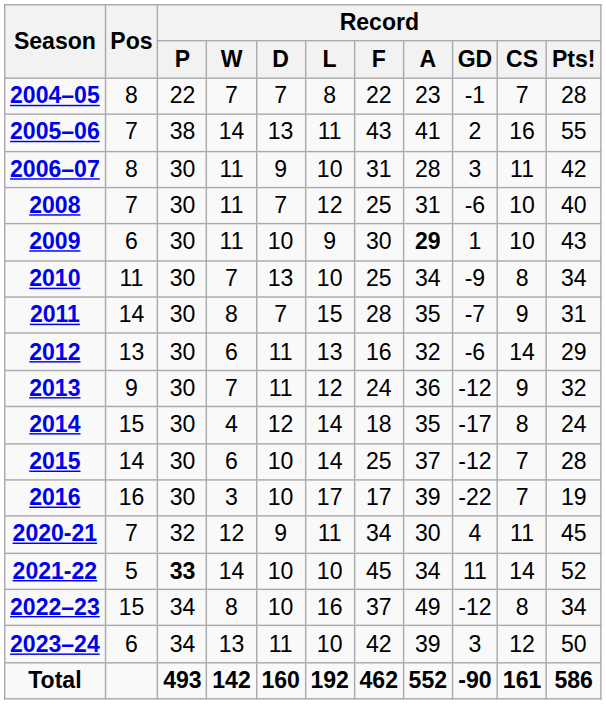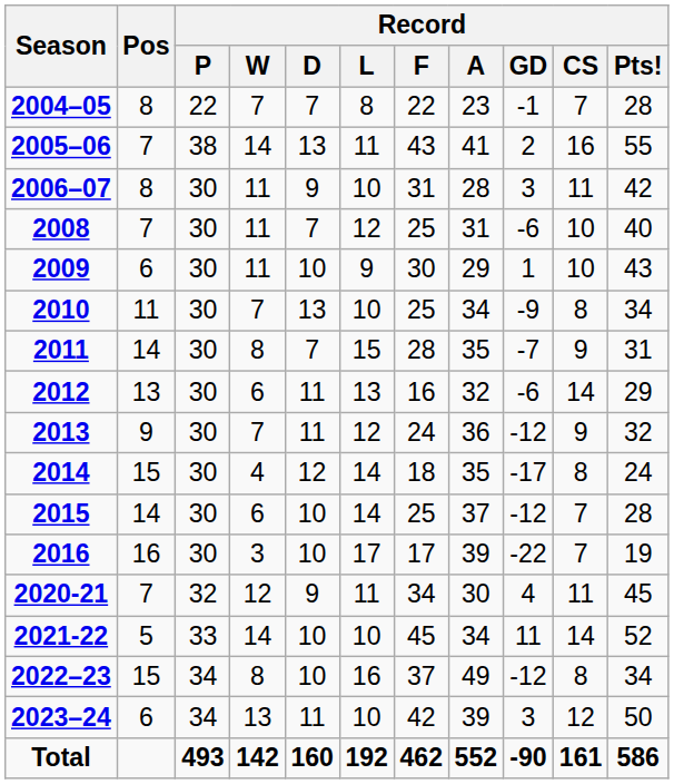 <table Class="wikitable" style="text-align: center;">
 <tr>
 <th rowspan="2">Season</th>
 <th rowspan="2">Pos</th>
 <th colspan="9">Record</th>
 </tr>
 <tr>
 <th>P</th>
 <th>W</th>
 <th>D</th>
 <th>L</th>
 <th>F</th>
 <th>A</th>
 <th>GD</th>
 <th>CS</th>
 <th>Pts!</th>
 </tr>
 <tr>
 <td><strong><a href='#'>2004–05</a></strong></td>
 <td>8</td>
 <td>22</td>
 <td>7</td>
 <td>7</td>
 <td>8</td>
 <td>22</td>
 <td>23</td>
 <td>-1</td>
 <td>7</td>
 <td>28</td>
 </tr>
 <tr>
 <td><strong><a href='#'>2005–06</a></strong></td>
 <td>7</td>
 <td>38</td>
 <td>14</td>
 <td>13</td>
 <td>11</td>
 <td>43</td>
 <td>41</td>
 <td>2</td>
 <td>16</td>
 <td>55</td>
 </tr>
 <tr>
 <td><strong><a href='#'>2006–07</a></strong></td>
 <td>8</td>
 <td>30</td>
 <td>11</td>
 <td>9</td>
 <td>10</td>
 <td>31</td>
 <td>28</td>
 <td>3</td>
 <td>11</td>
 <td>42</td>
 </tr>
 <tr>
 <td><strong><a href='#'>2008</a></strong></td>
 <td>7</td>
 <td>30</td>
 <td>11</td>
 <td>7</td>
 <td>12</td>
 <td>25</td>
 <td>31</td>
 <td>-6</td>
 <td>10</td>
 <td>40</td>
 </tr>
 <tr>
 <td><strong><a href='#'>2009</a></strong></td>
 <td>6</td>
 <td>30</td>
 <td>11</td>
 <td>10</td>
 <td>9</td>
 <td>30</td>
-<td><strong>29</strong></td>
+<td>29</td>
 <td>1</td>
 <td>10</td>
 <td>43</td>
 </tr>
 <tr>
 <td><strong><a href='#'>2010</a></strong></td>
 <td>11</td>
 <td>30</td>
 <td>7</td>
 <td>13</td>
 <td>10</td>
 <td>25</td>
 <td>34</td>
 <td>-9</td>
 <td>8</td>
 <td>34</td>
 </tr>
 <tr>
 <td><strong><a href='#'>2011</a></strong></td>
 <td>14</td>
 <td>30</td>
 <td>8</td>
 <td>7</td>
 <td>15</td>
 <td>28</td>
 <td>35</td>
 <td>-7</td>
 <td>9</td>
 <td>31</td>
 </tr>
 <tr>
 <td><strong><a href='#'>2012</a></strong></td>
 <td>13</td>
 <td>30</td>
 <td>6</td>
 <td>11</td>
 <td>13</td>
 <td>16</td>
 <td>32</td>
 <td>-6</td>
 <td>14</td>
 <td>29</td>
 </tr>
 <tr>
 <td><strong><a href='#'>2013</a></strong></td>
 <td>9</td>
 <td>30</td>
 <td>7</td>
 <td>11</td>
 <td>12</td>
 <td>24</td>
 <td>36</td>
 <td>-12</td>
 <td>9</td>
 <td>32</td>
 </tr>
 <tr>
 <td><strong><a href='#'>2014</a></strong></td>
 <td>15</td>
 <td>30</td>
 <td>4</td>
 <td>12</td>
 <td>14</td>
 <td>18</td>
 <td>35</td>
 <td>-17</td>
 <td>8</td>
 <td>24</td>
 </tr>
 <tr>
 <td><strong><a href='#'>2015</a></strong></td>
 <td>14</td>
 <td>30</td>
 <td>6</td>
 <td>10</td>
 <td>14</td>
 <td>25</td>
 <td>37</td>
 <td>-12</td>
 <td>7</td>
 <td>28</td>
 </tr>
 <tr>
 <td><strong><a href='#'>2016</a></strong></td>
 <td>16</td>
 <td>30</td>
 <td>3</td>
 <td>10</td>
 <td>17</td>
 <td>17</td>
 <td>39</td>
 <td>-22</td>
 <td>7</td>
 <td>19</td>
 </tr>
 <tr>
 <td><strong><a href='#'>2020-21</a></strong></td>
 <td>7</td>
 <td>32</td>
 <td>12</td>
 <td>9</td>
 <td>11</td>
 <td>34</td>
 <td>30</td>
 <td>4</td>
 <td>11</td>
 <td>45</td>
 </tr>
 <tr>
 <td><strong><a href='#'>2021-22</a></strong></td>
 <td>5</td>
-<td><strong>33</strong></td>
+<td>33</td>
 <td>14</td>
 <td>10</td>
 <td>10</td>
 <td>45</td>
 <td>34</td>
 <td>11</td>
 <td>14</td>
 <td>52</td>
 </tr>
 <tr>
 <td><strong><a href='#'>2022–23</a></strong></td>
 <td>15</td>
 <td>34</td>
 <td>8</td>
 <td>10</td>
 <td>16</td>
 <td>37</td>
 <td>49</td>
 <td>-12</td>
 <td>8</td>
 <td>34</td>
 </tr>
 <tr>
 <td><strong><a href='#'>2023–24</a></strong></td>
 <td>6</td>
 <td>34</td>
 <td>13</td>
 <td>11</td>
 <td>10</td>
 <td>42</td>
 <td>39</td>
 <td>3</td>
 <td>12</td>
 <td>50</td>
 </tr>
 <tr>
 <td><strong>Total</strong></td>
 <td></td>
 <td><strong>493</strong></td>
 <td><strong>142</strong></td>
 <td><strong>160</strong></td>
 <td><strong>192</strong></td>
 <td><strong>462</strong></td>
 <td><strong>552</strong></td>
 <td><strong>-90</strong></td>
 <td><strong>161</strong></td>
 <td><strong>586</strong></td>
 </tr>
 </table>
